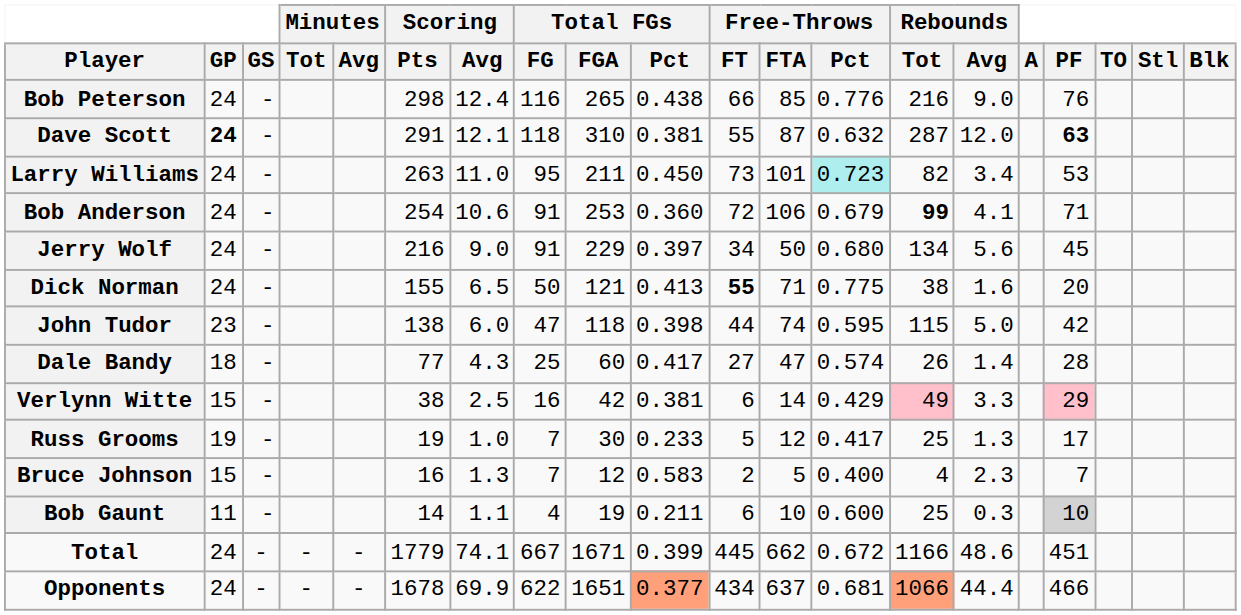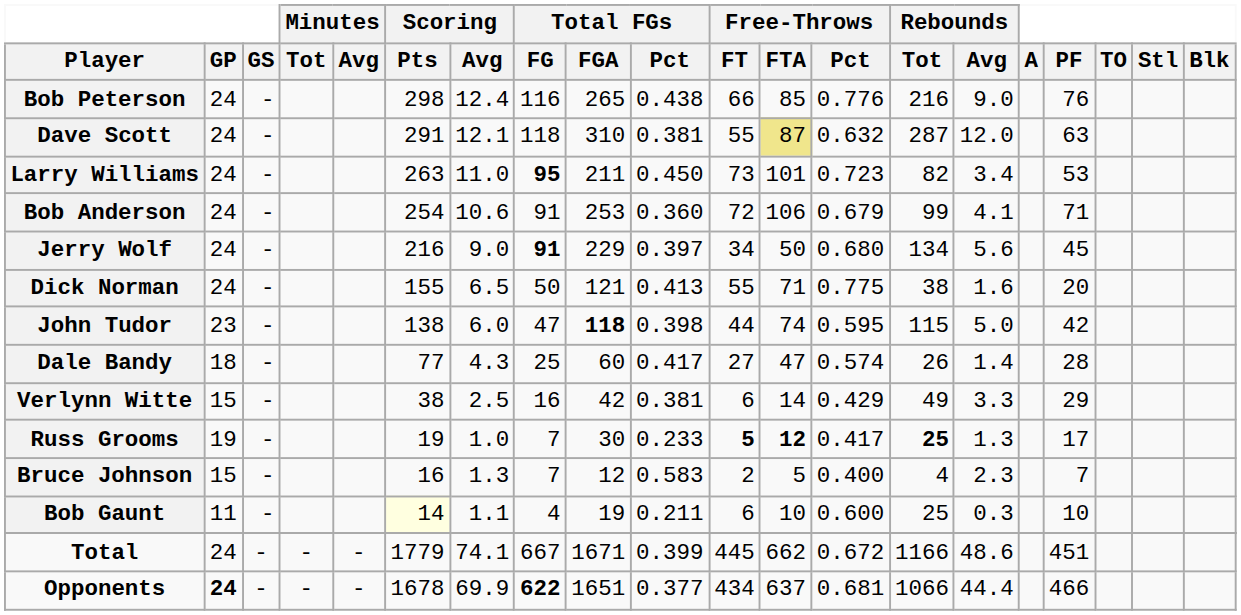 <table class="wikitable sortable" border="1" style="font-size:90%;">
 <tr>
 <th colspan="3" style="border-top-style:hidden; border-left-style:hidden; background: white;"></th>
 <th colspan="2" style=>Minutes</th>
 <th colspan="2" style=>Scoring</th>
 <th colspan="3" style=>Total FGs</th>
 <th colspan="3" style=>Free-Throws</th>
 <th colspan="2" style=>Rebounds</th>
 <th colspan="5" style="border-top-style:hidden; border-right-style:hidden; background: white;"></th>
 </tr>
 <tr>
 <th scope="col" style=>Player</th>
 <th scope="col" style=>GP</th>
 <th scope="col" style=>GS</th>
 <th scope="col" style=>Tot</th>
 <th scope="col" style=>Avg</th>
 <th scope="col" style=>Pts</th>
 <th scope="col" style=>Avg</th>
 <th scope="col" style=>FG</th>
 <th scope="col" style=>FGA</th>
 <th scope="col" style=>Pct</th>
 <th scope="col" style=>FT</th>
 <th scope="col" style=>FTA</th>
 <th scope="col" style=>Pct</th>
 <th scope="col" style=>Tot</th>
 <th scope="col" style=>Avg</th>
 <th scope="col" style=>A</th>
 <th scope="col" style=>PF</th>
 <th scope="col" style=>TO</th>
 <th scope="col" style=>Stl</th>
 <th scope="col" style=>Blk</th>
 </tr>
 <tr>
 <th>Bob Peterson</th>
 <td align="right">24</td>
 <td align="right">-</td>
 <td align="right"></td>
 <td align="right"></td>
 <td align="right">298</td>
 <td align="right">12.4</td>
 <td align="right">116</td>
 <td align="right">265</td>
 <td align="right">0.438</td>
 <td align="right">66</td>
 <td align="right">85</td>
 <td align="right">0.776</td>
 <td align="right">216</td>
 <td align="right">9.0</td>
 <td align="right"></td>
 <td align="right">76</td>
 <td align="right"></td>
 <td align="right"></td>
 <td align="right"></td>
 </tr>
 <tr>
 <th>Dave Scott</th>
-<td align="right"><strong>24</strong></td>
+<td align="right">24</td>
 <td align="right">-</td>
 <td align="right"></td>
 <td align="right"></td>
 <td align="right">291</td>
 <td align="right">12.1</td>
 <td align="right">118</td>
 <td align="right">310</td>
 <td align="right">0.381</td>
 <td align="right">55</td>
-<td align="right">87</td>
+<td align="right" style="background: khaki;">87</td>
 <td align="right">0.632</td>
 <td align="right">287</td>
 <td align="right">12.0</td>
 <td align="right"></td>
-<td align="right"><strong>63</strong></td>
+<td align="right">63</td>
 <td align="right"></td>
 <td align="right"></td>
 <td align="right"></td>
 </tr>
 <tr>
 <th>Larry Williams</th>
 <td align="right">24</td>
 <td align="right">-</td>
 <td align="right"></td>
 <td align="right"></td>
 <td align="right">263</td>
 <td align="right">11.0</td>
-<td align="right">95</td>
+<td align="right"><strong>95</strong></td>
 <td align="right">211</td>
 <td align="right">0.450</td>
 <td align="right">73</td>
 <td align="right">101</td>
-<td align="right" style="background: paleturquoise;">0.723</td>
+<td align="right">0.723</td>
 <td align="right">82</td>
 <td align="right">3.4</td>
 <td align="right"></td>
 <td align="right">53</td>
 <td align="right"></td>
 <td align="right"></td>
 <td align="right"></td>
 </tr>
 <tr>
 <th>Bob Anderson</th>
 <td align="right">24</td>
 <td align="right">-</td>
 <td align="right"></td>
 <td align="right"></td>
 <td align="right">254</td>
 <td align="right">10.6</td>
 <td align="right">91</td>
 <td align="right">253</td>
 <td align="right">0.360</td>
 <td align="right">72</td>
 <td align="right">106</td>
 <td align="right">0.679</td>
-<td align="right"><strong>99</strong></td>
+<td align="right">99</td>
 <td align="right">4.1</td>
 <td align="right"></td>
 <td align="right">71</td>
 <td align="right"></td>
 <td align="right"></td>
 <td align="right"></td>
 </tr>
 <tr>
 <th>Jerry Wolf</th>
 <td align="right">24</td>
 <td align="right">-</td>
 <td align="right"></td>
 <td align="right"></td>
 <td align="right">216</td>
 <td align="right">9.0</td>
-<td align="right">91</td>
+<td align="right"><strong>91</strong></td>
 <td align="right">229</td>
 <td align="right">0.397</td>
 <td align="right">34</td>
 <td align="right">50</td>
 <td align="right">0.680</td>
 <td align="right">134</td>
 <td align="right">5.6</td>
 <td align="right"></td>
 <td align="right">45</td>
 <td align="right"></td>
 <td align="right"></td>
 <td align="right"></td>
 </tr>
 <tr>
 <th>Dick Norman</th>
 <td align="right">24</td>
 <td align="right">-</td>
 <td align="right"></td>
 <td align="right"></td>
 <td align="right">155</td>
 <td align="right">6.5</td>
 <td align="right">50</td>
 <td align="right">121</td>
 <td align="right">0.413</td>
-<td align="right"><strong>55</strong></td>
+<td align="right">55</td>
 <td align="right">71</td>
 <td align="right">0.775</td>
 <td align="right">38</td>
 <td align="right">1.6</td>
 <td align="right"></td>
 <td align="right">20</td>
 <td align="right"></td>
 <td align="right"></td>
 <td align="right"></td>
 </tr>
 <tr>
 <th>John Tudor</th>
 <td align="right">23</td>
 <td align="right">-</td>
 <td align="right"></td>
 <td align="right"></td>
 <td align="right">138</td>
 <td align="right">6.0</td>
 <td align="right">47</td>
-<td align="right">118</td>
+<td align="right"><strong>118</strong></td>
 <td align="right">0.398</td>
 <td align="right">44</td>
 <td align="right">74</td>
 <td align="right">0.595</td>
 <td align="right">115</td>
 <td align="right">5.0</td>
 <td align="right"></td>
 <td align="right">42</td>
 <td align="right"></td>
 <td align="right"></td>
 <td align="right"></td>
 </tr>
 <tr>
 <th>Dale Bandy</th>
 <td align="right">18</td>
 <td align="right">-</td>
 <td align="right"></td>
 <td align="right"></td>
 <td align="right">77</td>
 <td align="right">4.3</td>
 <td align="right">25</td>
 <td align="right">60</td>
 <td align="right">0.417</td>
 <td align="right">27</td>
 <td align="right">47</td>
 <td align="right">0.574</td>
 <td align="right">26</td>
 <td align="right">1.4</td>
 <td align="right"></td>
 <td align="right">28</td>
 <td align="right"></td>
 <td align="right"></td>
 <td align="right"></td>
 </tr>
 <tr>
 <th>Verlynn Witte</th>
 <td align="right">15</td>
 <td align="right">-</td>
 <td align="right"></td>
 <td align="right"></td>
 <td align="right">38</td>
 <td align="right">2.5</td>
 <td align="right">16</td>
 <td align="right">42</td>
 <td align="right">0.381</td>
 <td align="right">6</td>
 <td align="right">14</td>
 <td align="right">0.429</td>
-<td align="right" style="background: pink;">49</td>
+<td align="right">49</td>
 <td align="right">3.3</td>
 <td align="right"></td>
-<td align="right" style="background: pink;">29</td>
+<td align="right">29</td>
 <td align="right"></td>
 <td align="right"></td>
 <td align="right"></td>
 </tr>
 <tr>
 <th>Russ Grooms</th>
 <td align="right">19</td>
 <td align="right">-</td>
 <td align="right"></td>
 <td align="right"></td>
 <td align="right">19</td>
 <td align="right">1.0</td>
 <td align="right">7</td>
 <td align="right">30</td>
 <td align="right">0.233</td>
-<td align="right">5</td>
-<td align="right">12</td>
+<td align="right"><strong>5</strong></td>
+<td align="right"><strong>12</strong></td>
 <td align="right">0.417</td>
-<td align="right">25</td>
+<td align="right"><strong>25</strong></td>
 <td align="right">1.3</td>
 <td align="right"></td>
 <td align="right">17</td>
 <td align="right"></td>
 <td align="right"></td>
 <td align="right"></td>
 </tr>
 <tr>
 <th>Bruce Johnson</th>
 <td align="right">15</td>
 <td align="right">-</td>
 <td align="right"></td>
 <td align="right"></td>
 <td align="right">16</td>
 <td align="right">1.3</td>
 <td align="right">7</td>
 <td align="right">12</td>
 <td align="right">0.583</td>
 <td align="right">2</td>
 <td align="right">5</td>
 <td align="right">0.400</td>
 <td align="right">4</td>
 <td align="right">2.3</td>
 <td align="right"></td>
 <td align="right">7</td>
 <td align="right"></td>
 <td align="right"></td>
 <td align="right"></td>
 </tr>
 <tr>
 <th>Bob Gaunt</th>
 <td align="right">11</td>
 <td align="right">-</td>
 <td align="right"></td>
 <td align="right"></td>
-<td align="right">14</td>
+<td align="right" style="background: lightyellow;">14</td>
 <td align="right">1.1</td>
 <td align="right">4</td>
 <td align="right">19</td>
 <td align="right">0.211</td>
 <td align="right">6</td>
 <td align="right">10</td>
 <td align="right">0.600</td>
 <td align="right">25</td>
 <td align="right">0.3</td>
 <td align="right"></td>
-<td align="right" style="background: lightgrey;">10</td>
+<td align="right">10</td>
 <td align="right"></td>
 <td align="right"></td>
 <td align="right"></td>
 </tr>
 <tr>
 </tr>
 <tr class="sortbottom">
 <td align="center" style=><strong>Total</strong></td>
 <td align="center" style=>24</td>
 <td align="center" style=>-</td>
 <td align="center" style=>-</td>
 <td align="center" style=>-</td>
 <td align="center" style=>1779</td>
 <td align="center" style=>74.1</td>
 <td align="center" style=>667</td>
 <td align="center" style=>1671</td>
 <td align="center" style=>0.399</td>
 <td align="center" style=>445</td>
 <td align="center" style=>662</td>
 <td align="center" style=>0.672</td>
 <td align="center" style=>1166</td>
 <td align="center" style=>48.6</td>
 <td align="center" style=></td>
 <td align="center" style=>451</td>
 <td align="center" style=></td>
 <td align="center" style=></td>
 <td align="center" style=></td>
 </tr>
 <tr class="sortbottom">
 <td align="center"><strong>Opponents</strong></td>
-<td align="center">24</td>
+<td align="center"><strong>24</strong></td>
 <td align="center">-</td>
 <td align="center">-</td>
 <td align="center">-</td>
 <td align="center">1678</td>
 <td align="center">69.9</td>
-<td align="center">622</td>
+<td align="center"><strong>622</strong></td>
 <td align="center">1651</td>
-<td align="center" style="background: lightsalmon;">0.377</td>
+<td align="center">0.377</td>
 <td align="center">434</td>
 <td align="center">637</td>
 <td align="center">0.681</td>
-<td align="center" style="background: lightsalmon;">1066</td>
+<td align="center">1066</td>
 <td align="center">44.4</td>
 <td align="center"></td>
 <td align="center">466</td>
 <td align="center"></td>
 <td align="center"></td>
 <td align="center"></td>
 </tr>
 </table>
